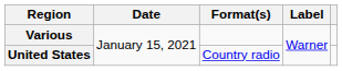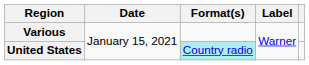 <table class="wikitable plainrowheaders">
 <tr>
 <th scope="col">Region</th>
 <th scope="col">Date</th>
 <th scope="col">Format(s)</th>
 <th scope="col">Label</th>
 <th scope="col"></th>
 </tr>
 <tr>
 <th scope="row">Various</th>
 <td rowspan="2">January 15, 2021</td>
 <td></td>
 <td rowspan="2"><a href='#'>Warner</a></td>
 <td style="text-align:center;"></td>
 </tr>
 <tr>
 <th scope="row">United States</th>
-<td><a href='#'>Country radio</a></td>
+<td style="background: paleturquoise;"><a href='#'>Country radio</a></td>
 <td style="text-align:center;"></td>
 </tr>
 </table>
